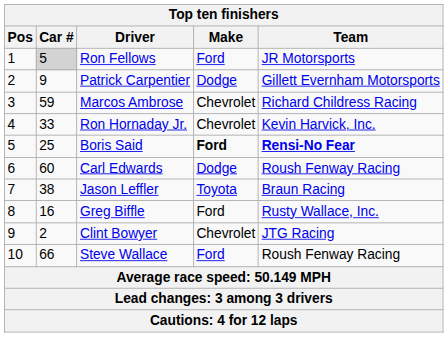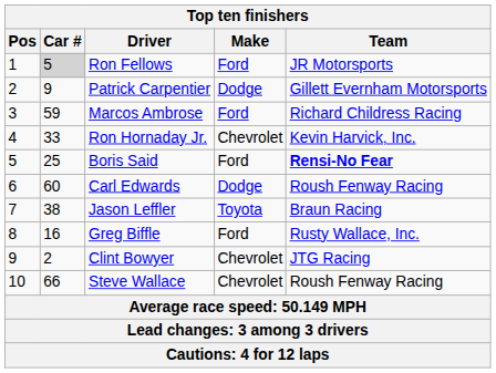 <table class="wikitable" style="font=size: 90%;">
 <tr>
 <th colspan=9>Top ten finishers</th>
 </tr>
 <tr>
 <th>Pos</th>
 <th>Car #</th>
 <th>Driver</th>
 <th>Make</th>
 <th>Team</th>
 </tr>
 <tr>
 <td>1</td>
 <td style="background: lightgrey;">5</td>
 <td><a href='#'>Ron Fellows</a></td>
 <td><a href='#'>Ford</a></td>
 <td><a href='#'>JR Motorsports</a></td>
 </tr>
 <tr>
 <td>2</td>
 <td>9</td>
 <td><a href='#'>Patrick Carpentier</a></td>
 <td><a href='#'>Dodge</a></td>
 <td><a href='#'>Gillett Evernham Motorsports</a></td>
 </tr>
 <tr>
 <td>3</td>
 <td>59</td>
 <td><a href='#'>Marcos Ambrose</a></td>
-<td>Chevrolet</td>
+<td><a href='#'>Ford</a></td>
 <td><a href='#'>Richard Childress Racing</a></td>
 </tr>
 <tr>
 <td>4</td>
 <td>33</td>
 <td><a href='#'>Ron Hornaday Jr.</a></td>
 <td>Chevrolet</td>
 <td><a href='#'>Kevin Harvick, Inc.</a></td>
 </tr>
 <tr>
 <td>5</td>
 <td>25</td>
 <td><a href='#'>Boris Said</a></td>
-<td><strong>Ford</strong></td>
+<td>Ford</td>
 <td><strong><a href='#'>Rensi-No Fear</a></strong></td>
 </tr>
 <tr>
 <td>6</td>
 <td>60</td>
 <td><a href='#'>Carl Edwards</a></td>
 <td><a href='#'>Dodge</a></td>
 <td><a href='#'>Roush Fenway Racing</a></td>
 </tr>
 <tr>
 <td>7</td>
 <td>38</td>
 <td><a href='#'>Jason Leffler</a></td>
 <td><a href='#'>Toyota</a></td>
 <td><a href='#'>Braun Racing</a></td>
 </tr>
 <tr>
 <td>8</td>
 <td>16</td>
 <td><a href='#'>Greg Biffle</a></td>
 <td>Ford</td>
 <td><a href='#'>Rusty Wallace, Inc.</a></td>
 </tr>
 <tr>
 <td>9</td>
 <td>2</td>
 <td><a href='#'>Clint Bowyer</a></td>
 <td>Chevrolet</td>
 <td><a href='#'>JTG Racing</a></td>
 </tr>
 <tr>
 <td>10</td>
 <td>66</td>
 <td><a href='#'>Steve Wallace</a></td>
-<td><a href='#'>Ford</a></td>
+<td>Chevrolet</td>
 <td>Roush Fenway Racing</td>
 </tr>
 <tr>
 <th colspan=9>Average race speed: 50.149 MPH</th>
 </tr>
 <tr>
 <th colspan=9>Lead changes: 3 among 3 drivers</th>
 </tr>
 <tr>
 <th colspan=9>Cautions: 4 for 12 laps</th>
 </tr>
 </table>
